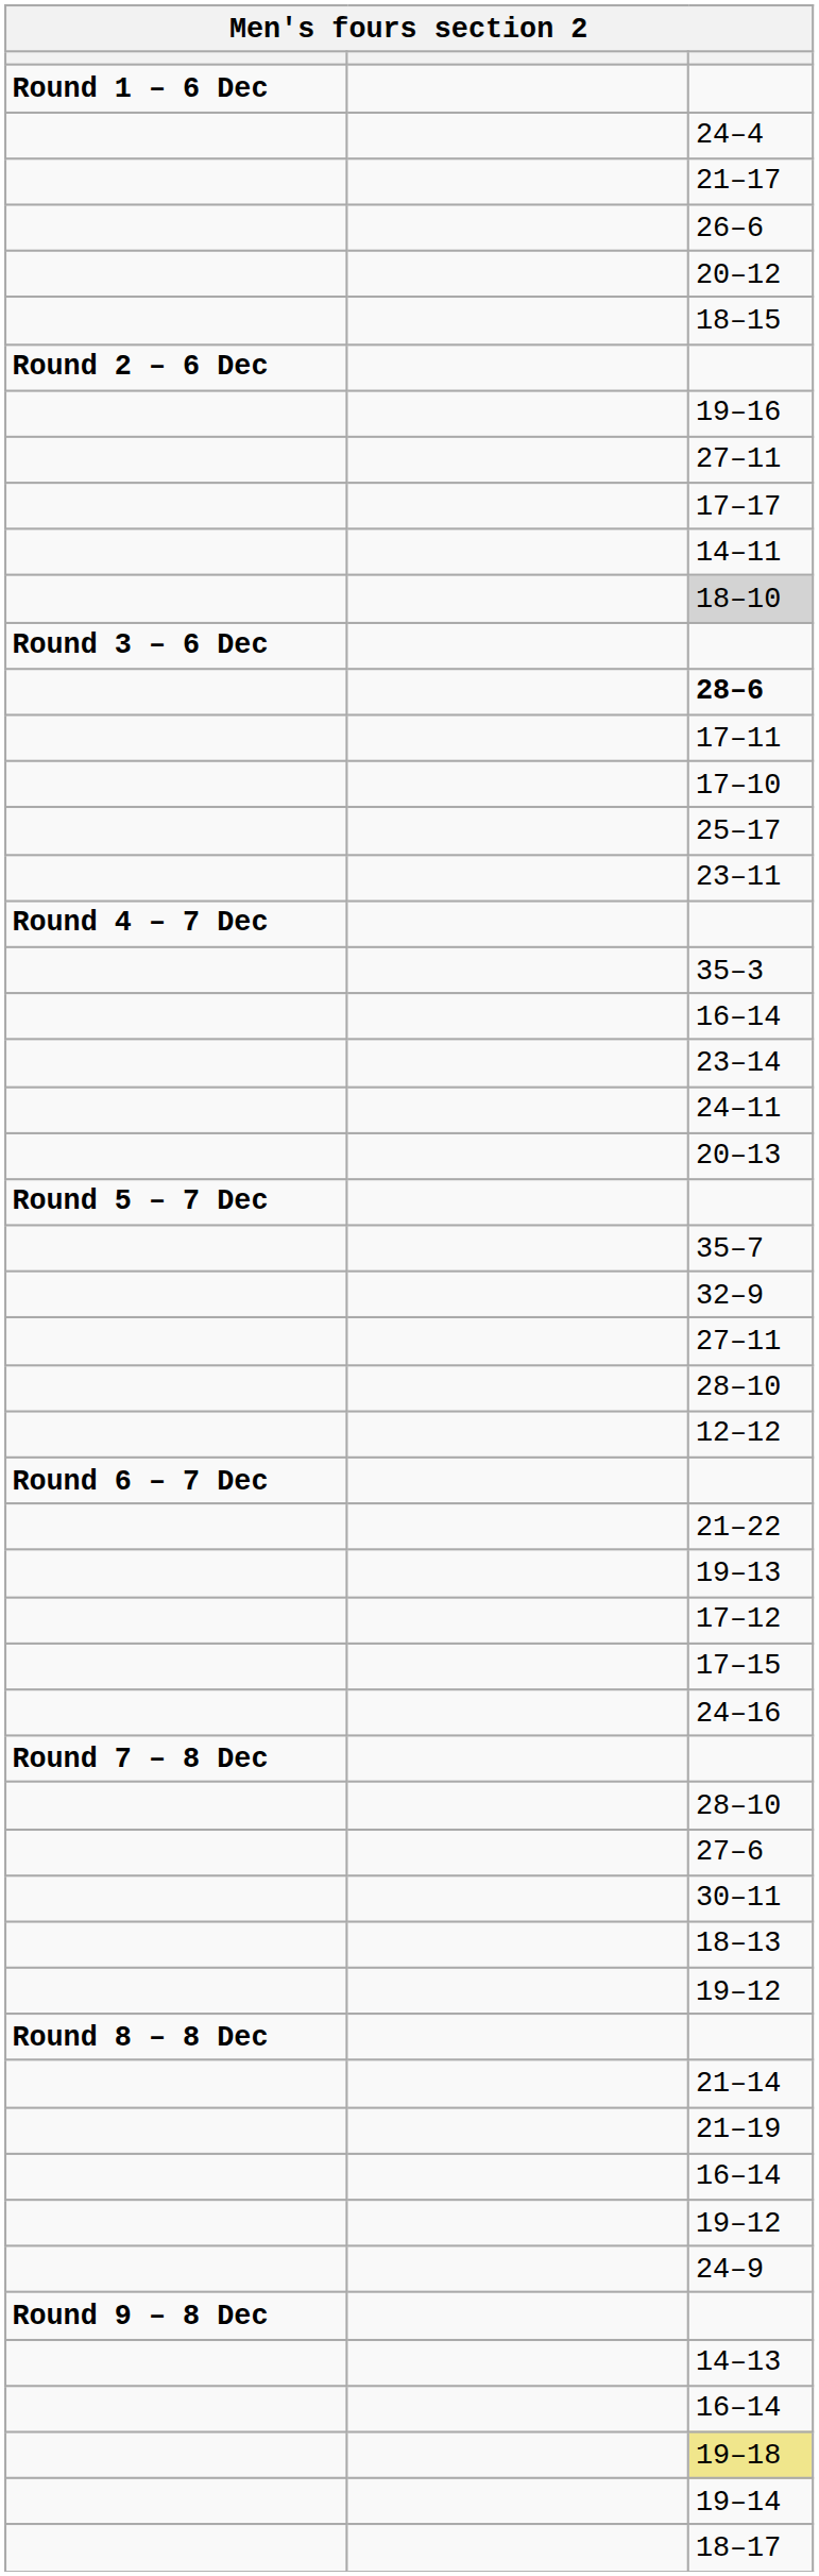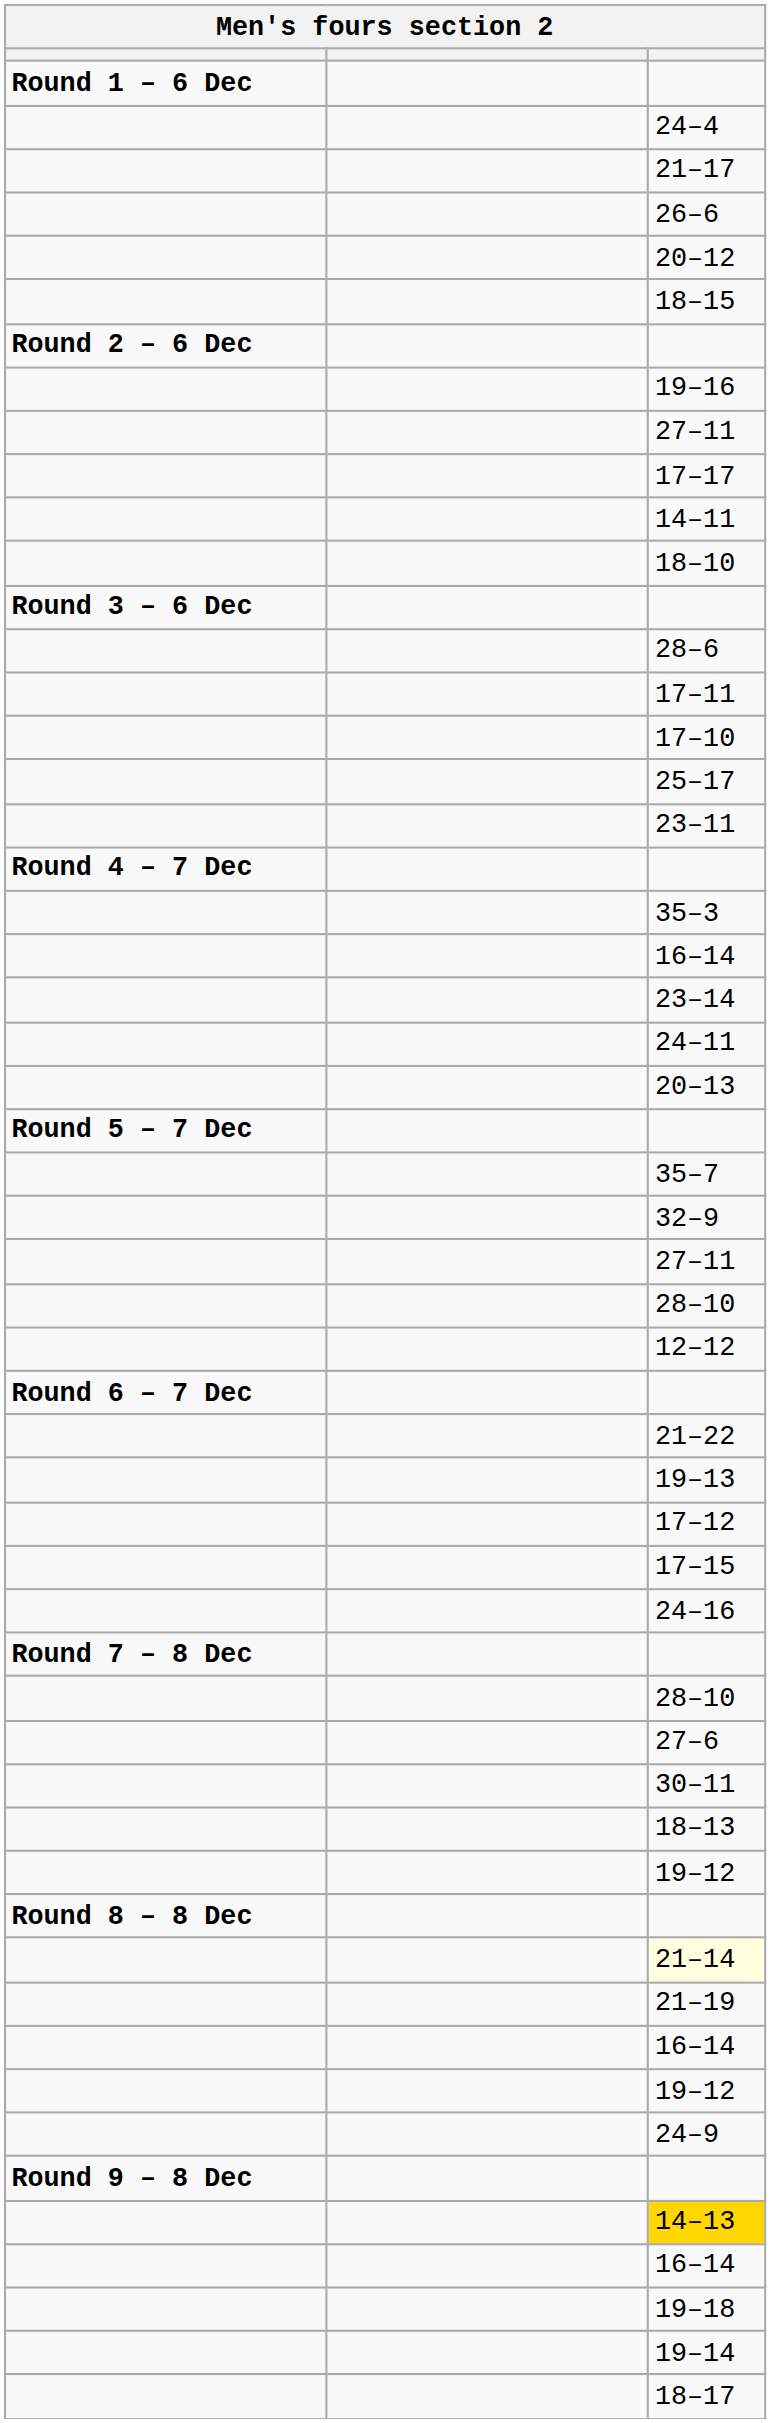 <table class="wikitable">
 <tr>
 <th colspan="3">Men's fours section 2</th>
 </tr>
 <tr>
 <th width=150></th>
 <th width=150></th>
 <th width=50></th>
 </tr>
 <tr>
 <td><strong>Round 1 – 6 Dec</strong></td>
 <td></td>
 <td></td>
 </tr>
 <tr>
 <td></td>
 <td></td>
 <td>24–4</td>
 </tr>
 <tr>
 <td></td>
 <td></td>
 <td>21–17</td>
 </tr>
 <tr>
 <td></td>
 <td></td>
 <td>26–6</td>
 </tr>
 <tr>
 <td></td>
 <td></td>
 <td>20–12</td>
 </tr>
 <tr>
 <td></td>
 <td></td>
 <td>18–15</td>
 </tr>
 <tr>
 <td><strong>Round 2 – 6 Dec</strong></td>
 <td></td>
 <td></td>
 </tr>
 <tr>
 <td></td>
 <td></td>
 <td>19–16</td>
 </tr>
 <tr>
 <td></td>
 <td></td>
 <td>27–11</td>
 </tr>
 <tr>
 <td></td>
 <td></td>
 <td>17–17</td>
 </tr>
 <tr>
 <td></td>
 <td></td>
 <td>14–11</td>
 </tr>
 <tr>
 <td></td>
 <td></td>
-<td style="background: lightgrey;">18–10</td>
+<td>18–10</td>
 </tr>
 <tr>
 <td><strong>Round 3 – 6 Dec</strong></td>
 <td></td>
 <td></td>
 </tr>
 <tr>
 <td></td>
 <td></td>
-<td><strong>28–6</strong></td>
+<td>28–6</td>
 </tr>
 <tr>
 <td></td>
 <td></td>
 <td>17–11</td>
 </tr>
 <tr>
 <td></td>
 <td></td>
 <td>17–10</td>
 </tr>
 <tr>
 <td></td>
 <td></td>
 <td>25–17</td>
 </tr>
 <tr>
 <td></td>
 <td></td>
 <td>23–11</td>
 </tr>
 <tr>
 <td><strong>Round 4 – 7 Dec</strong></td>
 <td></td>
 <td></td>
 </tr>
 <tr>
 <td></td>
 <td></td>
 <td>35–3</td>
 </tr>
 <tr>
 <td></td>
 <td></td>
 <td>16–14</td>
 </tr>
 <tr>
 <td></td>
 <td></td>
 <td>23–14</td>
 </tr>
 <tr>
 <td></td>
 <td></td>
 <td>24–11</td>
 </tr>
 <tr>
 <td></td>
 <td></td>
 <td>20–13</td>
 </tr>
 <tr>
 <td><strong>Round 5 – 7 Dec</strong></td>
 <td></td>
 <td></td>
 </tr>
 <tr>
 <td></td>
 <td></td>
 <td>35–7</td>
 </tr>
 <tr>
 <td></td>
 <td></td>
 <td>32–9</td>
 </tr>
 <tr>
 <td></td>
 <td></td>
 <td>27–11</td>
 </tr>
 <tr>
 <td></td>
 <td></td>
 <td>28–10</td>
 </tr>
 <tr>
 <td></td>
 <td></td>
 <td>12–12</td>
 </tr>
 <tr>
 <td><strong>Round 6  – 7 Dec</strong></td>
 <td></td>
 <td></td>
 </tr>
 <tr>
 <td></td>
 <td></td>
 <td>21–22</td>
 </tr>
 <tr>
 <td></td>
 <td></td>
 <td>19–13</td>
 </tr>
 <tr>
 <td></td>
 <td></td>
 <td>17–12</td>
 </tr>
 <tr>
 <td></td>
 <td></td>
 <td>17–15</td>
 </tr>
 <tr>
 <td></td>
 <td></td>
 <td>24–16</td>
 </tr>
 <tr>
 <td><strong>Round 7 – 8 Dec</strong></td>
 <td></td>
 <td></td>
 </tr>
 <tr>
 <td></td>
 <td></td>
 <td>28–10</td>
 </tr>
 <tr>
 <td></td>
 <td></td>
 <td>27–6</td>
 </tr>
 <tr>
 <td></td>
 <td></td>
 <td>30–11</td>
 </tr>
 <tr>
 <td></td>
 <td></td>
 <td>18–13</td>
 </tr>
 <tr>
 <td></td>
 <td></td>
 <td>19–12</td>
 </tr>
 <tr>
 <td><strong>Round 8 – 8 Dec</strong></td>
 <td></td>
 <td></td>
 </tr>
 <tr>
 <td></td>
 <td></td>
-<td>21–14</td>
+<td style="background: lightyellow;">21–14</td>
 </tr>
 <tr>
 <td></td>
 <td></td>
 <td>21–19</td>
 </tr>
 <tr>
 <td></td>
 <td></td>
 <td>16–14</td>
 </tr>
 <tr>
 <td></td>
 <td></td>
 <td>19–12</td>
 </tr>
 <tr>
 <td></td>
 <td></td>
 <td>24–9</td>
 </tr>
 <tr>
 <td><strong>Round 9 – 8 Dec</strong></td>
 <td></td>
 <td></td>
 </tr>
 <tr>
 <td></td>
 <td></td>
-<td>14–13</td>
+<td style="background: gold;">14–13</td>
 </tr>
 <tr>
 <td></td>
 <td></td>
 <td>16–14</td>
 </tr>
 <tr>
 <td></td>
 <td></td>
-<td style="background: khaki;">19–18</td>
+<td>19–18</td>
 </tr>
 <tr>
 <td></td>
 <td></td>
 <td>19–14</td>
 </tr>
 <tr>
 <td></td>
 <td></td>
 <td>18–17</td>
 </tr>
 <tr>
 </tr>
 </table>
